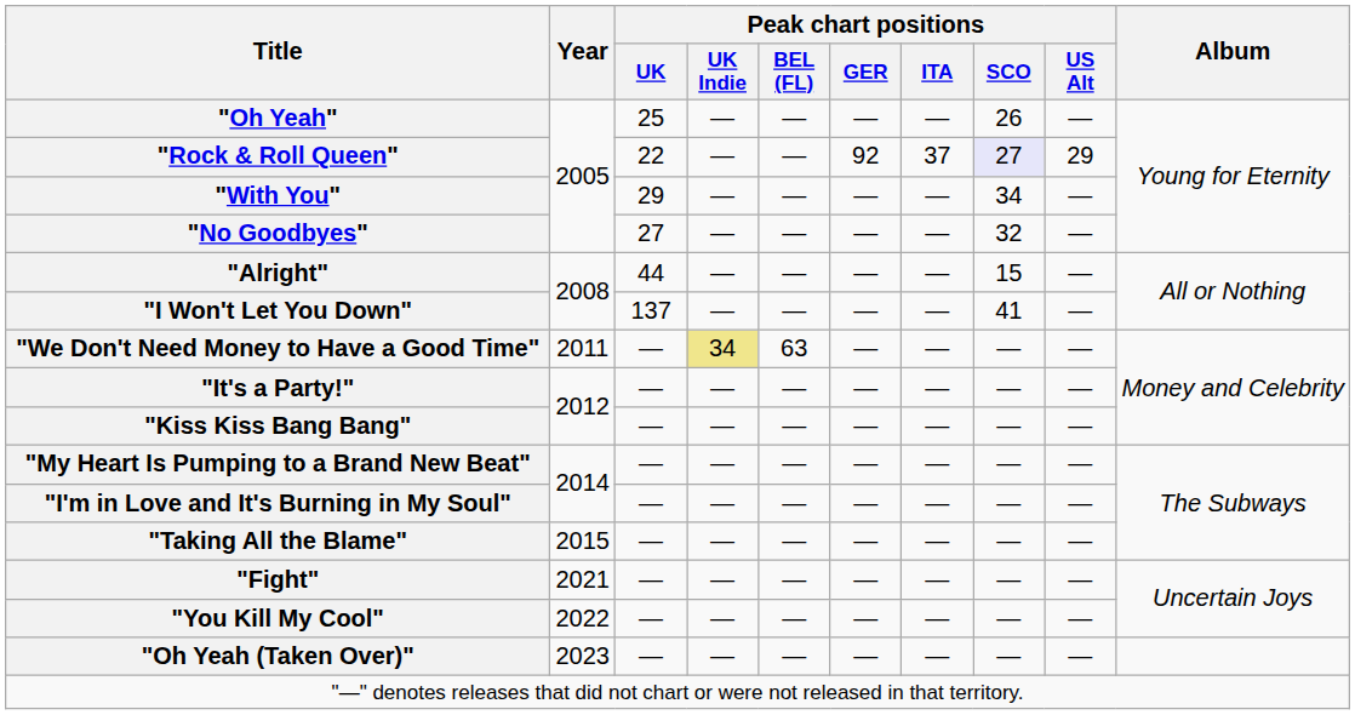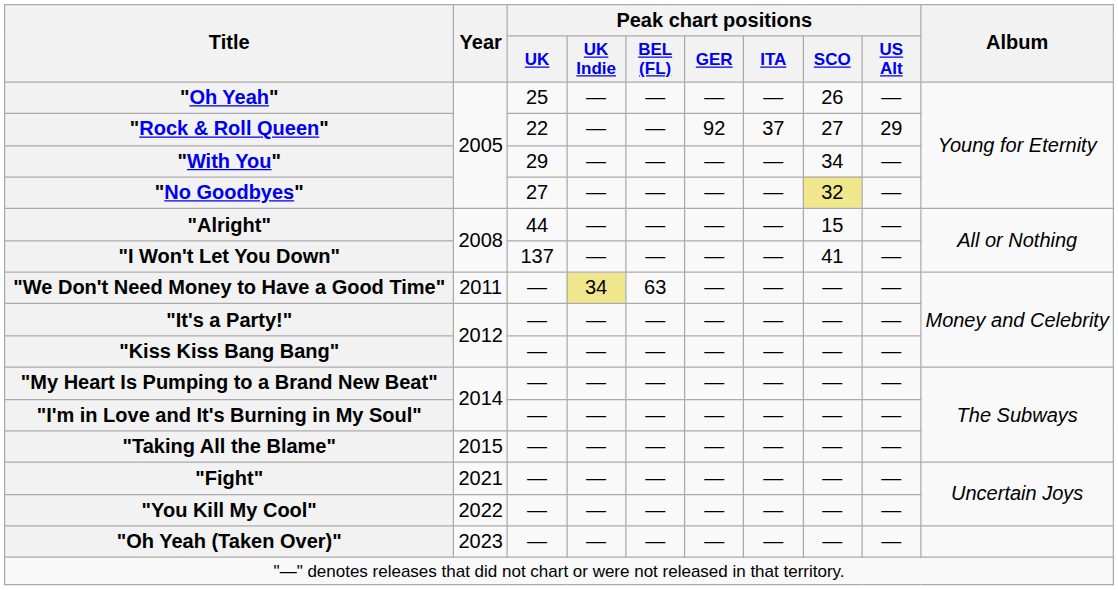 <table class="wikitable plainrowheaders" style="text-align:center;">
 <tr>
 <th scope="col" rowspan="2" style="width:22em;">Title</th>
 <th scope="col" rowspan="2">Year</th>
 <th scope="col" colspan="7">Peak chart positions</th>
 <th scope="col" rowspan="2">Album</th>
 </tr>
 <tr>
 <th scope="col" style="width:3em;font-size:85%;"><a href='#'>UK</a><br></th>
 <th scope="col" style="width:3em;font-size:85%;"><a href='#'>UK<br>Indie</a><br></th>
 <th scope="col" style="width:3em;font-size:85%;"><a href='#'>BEL<br>(FL)</a><br></th>
 <th scope="col" style="width:3em;font-size:85%;"><a href='#'>GER</a><br></th>
 <th scope="col" style="width:3em;font-size:85%;"><a href='#'>ITA</a><br></th>
 <th scope="col" style="width:3em;font-size:85%;"><a href='#'>SCO</a><br></th>
 <th scope="col" style="width:3em;font-size:85%;"><a href='#'>US<br>Alt</a><br></th>
 </tr>
 <tr>
 <th scope="row">"<a href='#'>Oh Yeah</a>"</th>
 <td rowspan="4">2005</td>
 <td>25</td>
 <td>—</td>
 <td>—</td>
 <td>—</td>
 <td>—</td>
 <td>26</td>
 <td>—</td>
 <td rowspan="4"><em>Young for Eternity</em></td>
 </tr>
 <tr>
 <th scope="row">"<a href='#'>Rock & Roll Queen</a>"</th>
 <td>22</td>
 <td>—</td>
 <td>—</td>
 <td>92</td>
 <td>37</td>
-<td style="background: lavender;">27</td>
+<td>27</td>
 <td>29</td>
 </tr>
 <tr>
 <th scope="row">"<a href='#'>With You</a>"</th>
 <td>29</td>
 <td>—</td>
 <td>—</td>
 <td>—</td>
 <td>—</td>
 <td>34</td>
 <td>—</td>
 </tr>
 <tr>
 <th scope="row">"<a href='#'>No Goodbyes</a>"</th>
 <td>27</td>
 <td>—</td>
 <td>—</td>
 <td>—</td>
 <td>—</td>
-<td>32</td>
+<td style="background: khaki;">32</td>
 <td>—</td>
 </tr>
 <tr>
 <th scope="row">"Alright"</th>
 <td rowspan="2">2008</td>
 <td>44</td>
 <td>—</td>
 <td>—</td>
 <td>—</td>
 <td>—</td>
 <td>15</td>
 <td>—</td>
 <td rowspan="2"><em>All or Nothing</em></td>
 </tr>
 <tr>
 <th scope="row">"I Won't Let You Down"</th>
 <td>137</td>
 <td>—</td>
 <td>—</td>
 <td>—</td>
 <td>—</td>
 <td>41</td>
 <td>—</td>
 </tr>
 <tr>
 <th scope="row">"We Don't Need Money to Have a Good Time"</th>
 <td>2011</td>
 <td>—</td>
 <td style="background: khaki;">34</td>
 <td>63</td>
 <td>—</td>
 <td>—</td>
 <td>—</td>
 <td>—</td>
 <td rowspan="3"><em>Money and Celebrity</em></td>
 </tr>
 <tr>
 <th scope="row">"It's a Party!"</th>
 <td rowspan="2">2012</td>
 <td>—</td>
 <td>—</td>
 <td>—</td>
 <td>—</td>
 <td>—</td>
 <td>—</td>
 <td>—</td>
 </tr>
 <tr>
 <th scope="row">"Kiss Kiss Bang Bang"</th>
 <td>—</td>
 <td>—</td>
 <td>—</td>
 <td>—</td>
 <td>—</td>
 <td>—</td>
 <td>—</td>
 </tr>
 <tr>
 <th scope="row">"My Heart Is Pumping to a Brand New Beat"</th>
 <td rowspan="2">2014</td>
 <td>—</td>
 <td>—</td>
 <td>—</td>
 <td>—</td>
 <td>—</td>
 <td>—</td>
 <td>—</td>
 <td rowspan="3"><em>The Subways</em></td>
 </tr>
 <tr>
 <th scope="row">"I'm in Love and It's Burning in My Soul"</th>
 <td>—</td>
 <td>—</td>
 <td>—</td>
 <td>—</td>
 <td>—</td>
 <td>—</td>
 <td>—</td>
 </tr>
 <tr>
 <th scope="row">"Taking All the Blame"</th>
 <td>2015</td>
 <td>—</td>
 <td>—</td>
 <td>—</td>
 <td>—</td>
 <td>—</td>
 <td>—</td>
 <td>—</td>
 </tr>
 <tr>
 <th scope="row">"Fight"</th>
 <td>2021</td>
 <td>—</td>
 <td>—</td>
 <td>—</td>
 <td>—</td>
 <td>—</td>
 <td>—</td>
 <td>—</td>
 <td rowspan="2"><em>Uncertain Joys</em></td>
 </tr>
 <tr>
 <th scope="row">"You Kill My Cool"</th>
 <td>2022</td>
 <td>—</td>
 <td>—</td>
 <td>—</td>
 <td>—</td>
 <td>—</td>
 <td>—</td>
 <td>—</td>
 </tr>
 <tr>
 <th scope="row">"Oh Yeah (Taken Over)"</th>
 <td>2023</td>
 <td>—</td>
 <td>—</td>
 <td>—</td>
 <td>—</td>
 <td>—</td>
 <td>—</td>
 <td>—</td>
 <td></td>
 </tr>
 <tr>
 <td colspan="14" style="text-align:center; font-size:85%">"—" denotes releases that did not chart or were not released in that territory.</td>
 </tr>
 </table>
